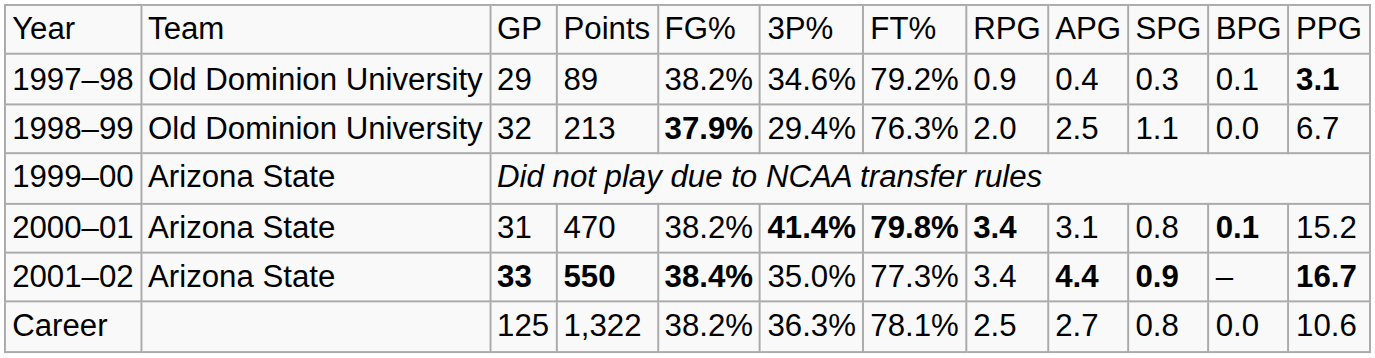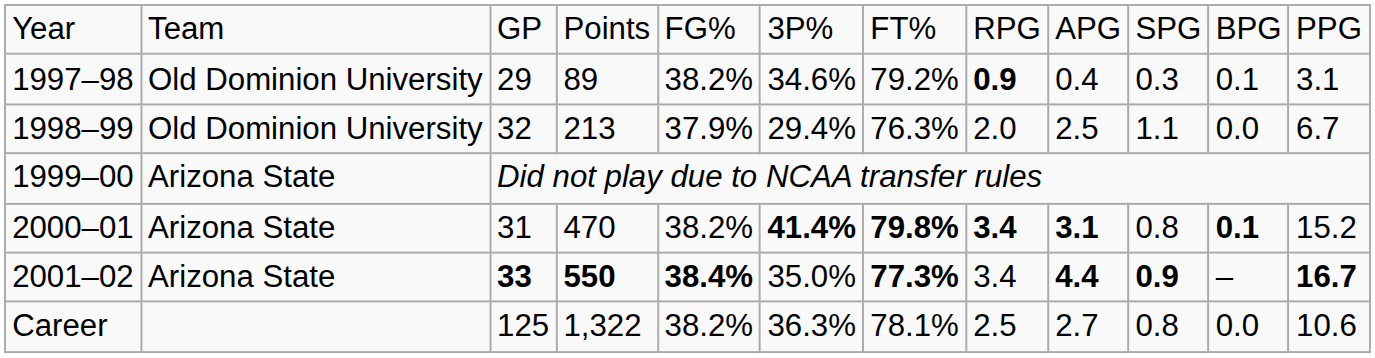 <table class="wikitable">
 <tr>
 <td>Year</td>
 <td>Team</td>
 <td>GP</td>
 <td>Points</td>
 <td>FG%</td>
 <td>3P%</td>
 <td>FT%</td>
 <td>RPG</td>
 <td>APG</td>
 <td>SPG</td>
 <td>BPG</td>
 <td>PPG</td>
 </tr>
 <tr>
 <td>1997–98</td>
 <td>Old Dominion University</td>
 <td>29</td>
 <td>89</td>
 <td>38.2%</td>
 <td>34.6%</td>
 <td>79.2%</td>
-<td>0.9</td>
+<td><strong>0.9</strong></td>
 <td>0.4</td>
 <td>0.3</td>
 <td>0.1</td>
-<td><strong>3.1</strong></td>
+<td>3.1</td>
 </tr>
 <tr>
 <td>1998–99</td>
 <td>Old Dominion University</td>
 <td>32</td>
 <td>213</td>
-<td><strong>37.9%</strong></td>
+<td>37.9%</td>
 <td>29.4%</td>
 <td>76.3%</td>
 <td>2.0</td>
 <td>2.5</td>
 <td>1.1</td>
 <td>0.0</td>
 <td>6.7</td>
 </tr>
 <tr>
 <td>1999–00</td>
 <td>Arizona State</td>
 <td colspan="10"><em>Did not play due to NCAA transfer rules</em></td>
 </tr>
 <tr>
 <td>2000–01</td>
 <td>Arizona State</td>
 <td>31</td>
 <td>470</td>
 <td>38.2%</td>
 <td><strong>41.4%</strong></td>
 <td><strong>79.8%</strong></td>
 <td><strong>3.4</strong></td>
-<td>3.1</td>
+<td><strong>3.1</strong></td>
 <td>0.8</td>
 <td><strong>0.1</strong></td>
 <td>15.2</td>
 </tr>
 <tr>
 <td>2001–02</td>
 <td>Arizona State</td>
 <td><strong>33</strong></td>
 <td><strong>550</strong></td>
 <td><strong>38.4%</strong></td>
 <td>35.0%</td>
-<td>77.3%</td>
+<td><strong>77.3%</strong></td>
 <td>3.4</td>
 <td><strong>4.4</strong></td>
 <td><strong>0.9</strong></td>
 <td>–</td>
 <td><strong>16.7</strong></td>
 </tr>
 <tr>
 <td>Career</td>
 <td></td>
 <td>125</td>
 <td>1,322</td>
 <td>38.2%</td>
 <td>36.3%</td>
 <td>78.1%</td>
 <td>2.5</td>
 <td>2.7</td>
 <td>0.8</td>
 <td>0.0</td>
 <td>10.6</td>
 </tr>
 </table>
